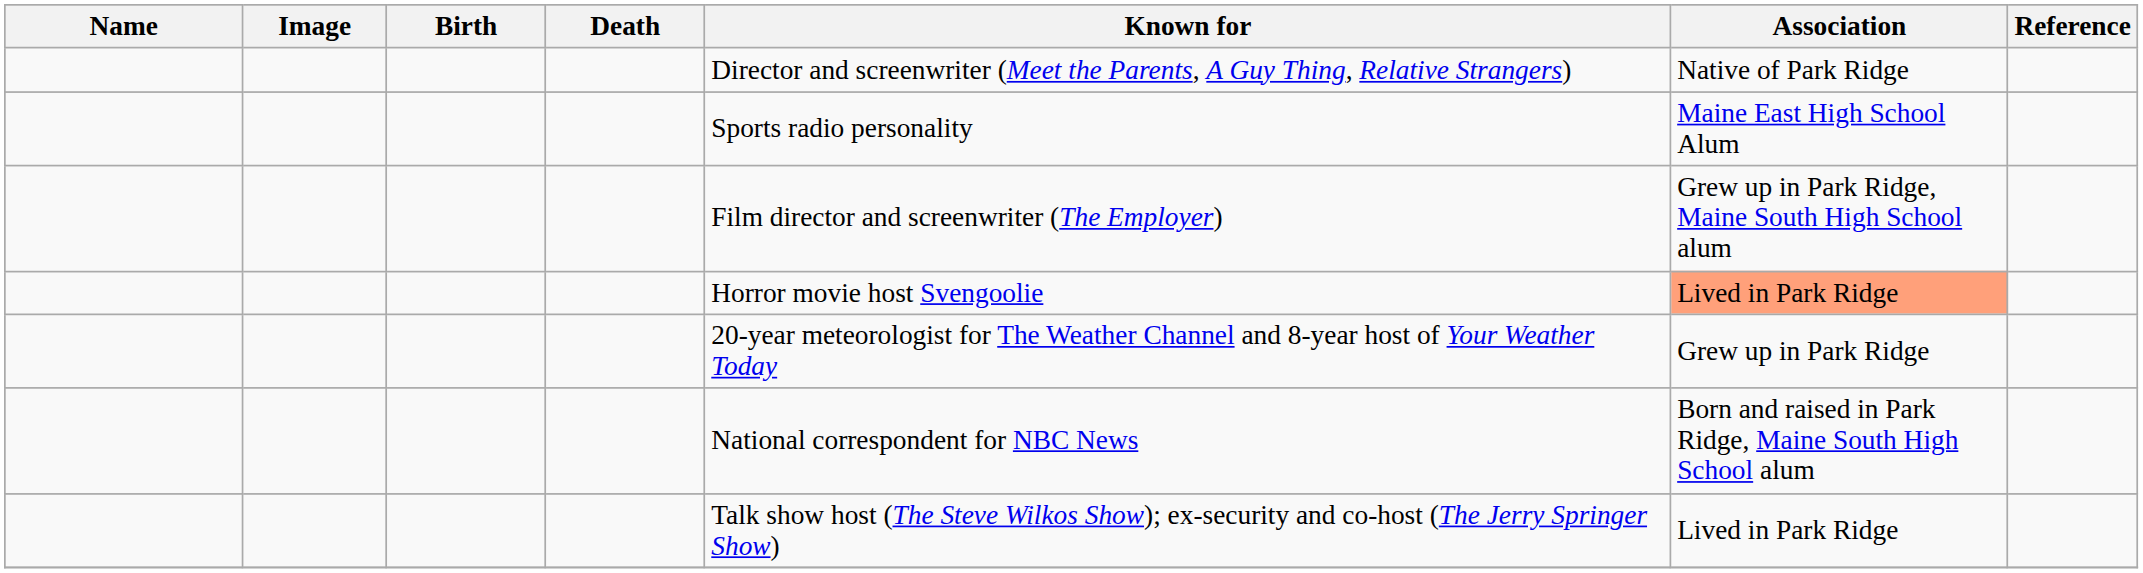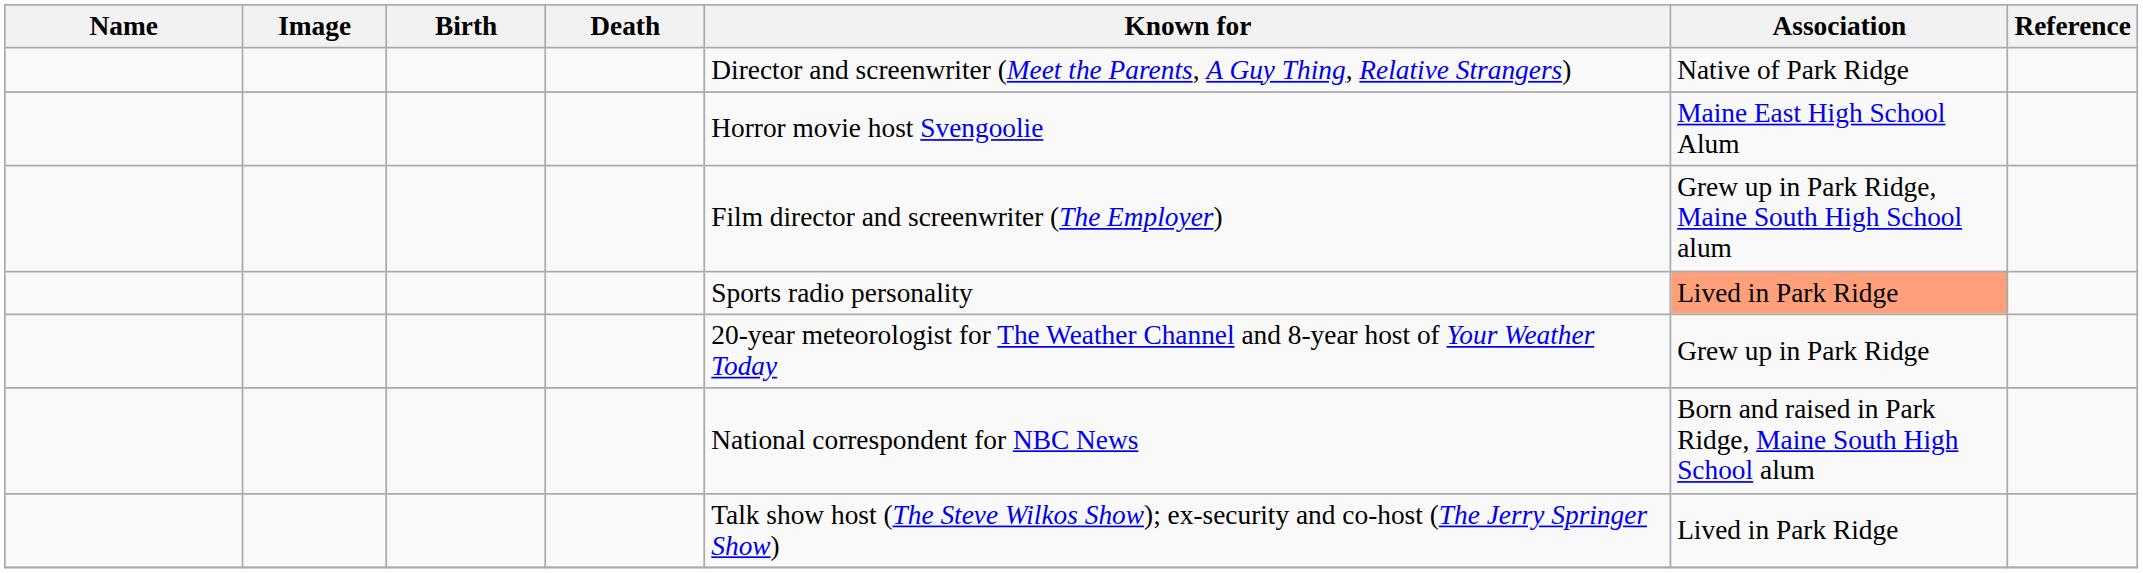 <table class="wikitable sortable">
 <tr>
 <th scope="col" width="140">Name</th>
 <th scope="col" width="80" class="unsortable">Image</th>
 <th scope="col" width="90">Birth</th>
 <th scope="col" width="90">Death</th>
 <th scope="col" width="600" class="unsortable">Known for</th>
 <th scope="col" width="200" class="unsortable">Association</th>
 <th scope="col" width="30" class="unsortable">Reference</th>
 </tr>
 <tr>
 <td></td>
 <td></td>
 <td align=right></td>
 <td></td>
 <td>Director and screenwriter (<em><a href='#'>Meet the Parents</a></em>, <em><a href='#'>A Guy Thing</a></em>, <em><a href='#'>Relative Strangers</a></em>)</td>
 <td>Native of Park Ridge</td>
 <td align="center"></td>
 </tr>
 <tr>
 <td></td>
 <td></td>
 <td align=right></td>
 <td></td>
-<td>Sports radio personality</td>
+<td>Horror movie host <a href='#'>Svengoolie</a></td>
 <td><a href='#'>Maine East High School</a> Alum</td>
 <td align="center"></td>
 </tr>
 <tr>
 <td></td>
 <td></td>
 <td></td>
 <td></td>
 <td>Film director and screenwriter (<em><a href='#'>The Employer</a></em>)</td>
 <td>Grew up in Park Ridge, <a href='#'>Maine South High School</a> alum</td>
 <td align="center"></td>
 </tr>
 <tr>
 <td></td>
 <td></td>
 <td align=right></td>
 <td></td>
-<td>Horror movie host <a href='#'>Svengoolie</a></td>
+<td>Sports radio personality</td>
 <td style="background: lightsalmon;">Lived in Park Ridge</td>
 <td align="center"></td>
 </tr>
 <tr>
 <td></td>
 <td></td>
 <td></td>
 <td></td>
 <td>20-year meteorologist for <a href='#'>The Weather Channel</a> and 8-year host of <em><a href='#'>Your Weather Today</a></em></td>
 <td>Grew up in Park Ridge</td>
 <td align="center"></td>
 </tr>
 <tr>
 <td></td>
 <td></td>
 <td align=right></td>
 <td></td>
 <td>National correspondent for <a href='#'>NBC News</a></td>
 <td>Born and raised in Park Ridge, <a href='#'>Maine South High School</a> alum</td>
 <td align="center"></td>
 </tr>
 <tr>
 <td></td>
 <td></td>
 <td align=right></td>
 <td></td>
 <td>Talk show host (<em><a href='#'>The Steve Wilkos Show</a></em>); ex-security and co-host (<em><a href='#'>The Jerry Springer Show</a></em>)</td>
 <td>Lived in Park Ridge</td>
 <td align="center"></td>
 </tr>
 <tr>
 </tr>
 </table>
